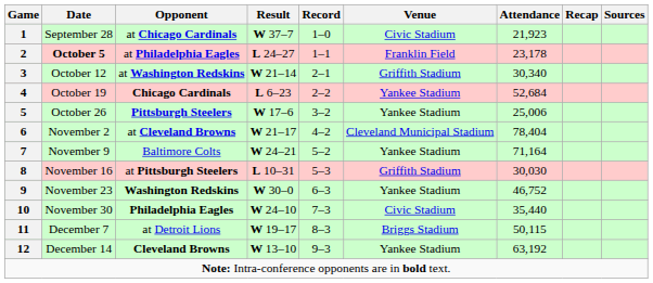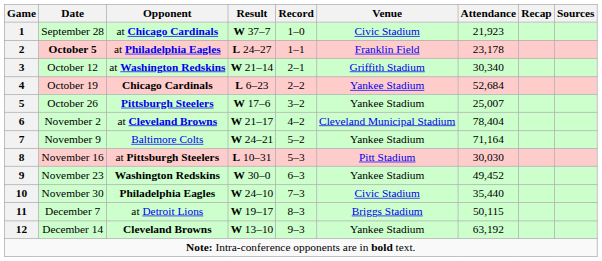 <table class="wikitable" style="text-align:center">
 <tr>
 <th>Game</th>
 <th>Date</th>
 <th>Opponent</th>
 <th>Result</th>
 <th>Record</th>
 <th>Venue</th>
 <th>Attendance</th>
 <th>Recap</th>
 <th>Sources</th>
 </tr>
 <tr style="background:#cfc">
 <th>1</th>
 <td>September 28</td>
 <td>at <strong><a href='#'>Chicago Cardinals</a></strong></td>
 <td><strong>W</strong> 37–7</td>
 <td>1–0</td>
 <td><a href='#'>Civic Stadium</a></td>
 <td>21,923</td>
 <td></td>
 <td></td>
 </tr>
 <tr style="background:#fcc">
 <th>2</th>
 <td><strong>October 5</strong></td>
 <td>at <strong><a href='#'>Philadelphia Eagles</a></strong></td>
 <td><strong>L</strong> 24–27</td>
 <td>1–1</td>
 <td><a href='#'>Franklin Field</a></td>
 <td>23,178</td>
 <td></td>
 <td></td>
 </tr>
 <tr style="background:#cfc">
 <th>3</th>
 <td>October 12</td>
 <td>at <strong><a href='#'>Washington Redskins</a></strong></td>
 <td><strong>W</strong> 21–14</td>
 <td>2–1</td>
 <td><a href='#'>Griffith Stadium</a></td>
 <td>30,340</td>
 <td></td>
 <td></td>
 </tr>
 <tr style="background:#fcc">
 <th>4</th>
 <td>October 19</td>
 <td><strong>Chicago Cardinals</strong></td>
 <td><strong>L</strong> 6–23</td>
 <td>2–2</td>
 <td><a href='#'>Yankee Stadium</a></td>
 <td>52,684</td>
 <td></td>
 <td></td>
 </tr>
 <tr style="background:#cfc">
 <th>5</th>
 <td>October 26</td>
 <td><strong><a href='#'>Pittsburgh Steelers</a></strong></td>
 <td><strong>W</strong> 17–6</td>
 <td>3–2</td>
 <td>Yankee Stadium</td>
-<td>25,006</td>
+<td>25,007</td>
 <td></td>
 <td></td>
 </tr>
 <tr style="background:#cfc">
 <th>6</th>
 <td>November 2</td>
 <td>at <strong><a href='#'>Cleveland Browns</a></strong></td>
 <td><strong>W</strong> 21–17</td>
 <td>4–2</td>
 <td><a href='#'>Cleveland Municipal Stadium</a></td>
 <td>78,404</td>
 <td></td>
 <td></td>
 </tr>
 <tr style="background:#cfc">
 <th>7</th>
 <td>November 9</td>
 <td><a href='#'>Baltimore Colts</a></td>
 <td><strong>W</strong> 24–21</td>
 <td>5–2</td>
 <td>Yankee Stadium</td>
 <td>71,164</td>
 <td></td>
 <td></td>
 </tr>
 <tr style="background:#fcc">
 <th>8</th>
 <td>November 16</td>
 <td>at <strong>Pittsburgh Steelers</strong></td>
 <td><strong>L</strong> 10–31</td>
 <td>5–3</td>
-<td><a href='#'>Griffith Stadium</a></td>
+<td><a href='#'>Pitt Stadium</a></td>
 <td>30,030</td>
 <td></td>
 <td></td>
 </tr>
 <tr style="background:#cfc">
 <th>9</th>
 <td>November 23</td>
 <td><strong>Washington Redskins</strong></td>
 <td><strong>W</strong> 30–0</td>
 <td>6–3</td>
 <td>Yankee Stadium</td>
-<td>46,752</td>
+<td>49,452</td>
 <td></td>
 <td></td>
 </tr>
 <tr style="background:#cfc">
 <th>10</th>
 <td>November 30</td>
 <td><strong>Philadelphia Eagles</strong></td>
 <td><strong>W</strong> 24–10</td>
 <td>7–3</td>
 <td><a href='#'>Civic Stadium</a></td>
 <td>35,440</td>
 <td></td>
 <td></td>
 </tr>
 <tr style="background:#cfc">
 <th>11</th>
 <td>December 7</td>
 <td>at <a href='#'>Detroit Lions</a></td>
 <td><strong>W</strong> 19–17</td>
 <td>8–3</td>
 <td><a href='#'>Briggs Stadium</a></td>
 <td>50,115</td>
 <td></td>
 <td></td>
 </tr>
 <tr style="background:#cfc">
 <th>12</th>
 <td>December 14</td>
 <td><strong>Cleveland Browns</strong></td>
 <td><strong>W</strong> 13–10</td>
 <td>9–3</td>
 <td>Yankee Stadium</td>
 <td>63,192</td>
 <td></td>
 <td></td>
 </tr>
 <tr>
 <td colspan="10"><strong>Note:</strong> Intra-conference opponents are in <strong>bold</strong> text.</td>
 </tr>
 </table>
